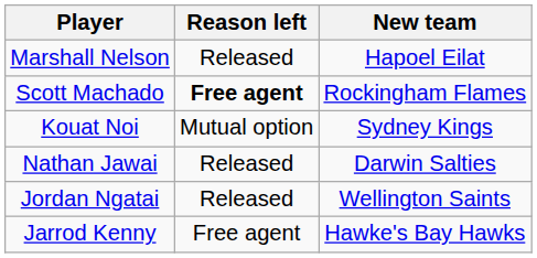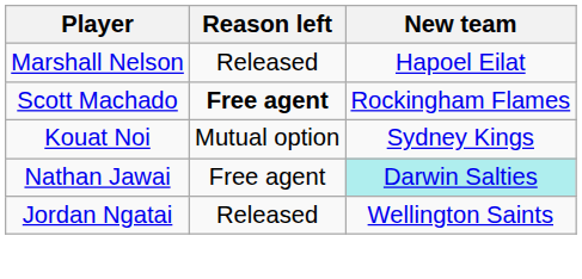 <table class="wikitable sortable sortable" style="text-align: center">
 <tr>
 <th>Player</th>
 <th>Reason left</th>
 <th>New team</th>
 </tr>
 <tr>
 <td><a href='#'>Marshall Nelson</a></td>
 <td>Released</td>
 <td><a href='#'>Hapoel Eilat</a></td>
 </tr>
 <tr>
 <td><a href='#'>Scott Machado</a></td>
 <td><strong>Free agent</strong></td>
 <td><a href='#'>Rockingham Flames</a></td>
 </tr>
 <tr>
 <td><a href='#'>Kouat Noi</a></td>
 <td>Mutual option</td>
 <td><a href='#'>Sydney Kings</a></td>
 </tr>
 <tr>
 <td><a href='#'>Nathan Jawai</a></td>
-<td>Released</td>
-<td><a href='#'>Darwin Salties</a></td>
+<td>Free agent</td>
+<td style="background: paleturquoise;"><a href='#'>Darwin Salties</a></td>
 </tr>
 <tr>
 <td><a href='#'>Jordan Ngatai</a></td>
 <td>Released</td>
 <td><a href='#'>Wellington Saints</a></td>
 </tr>
-<tr>
-<td><a href='#'>Jarrod Kenny</a></td>
-<td>Free agent</td>
-<td><a href='#'>Hawke's Bay Hawks</a></td>
-</tr>
 </table>
